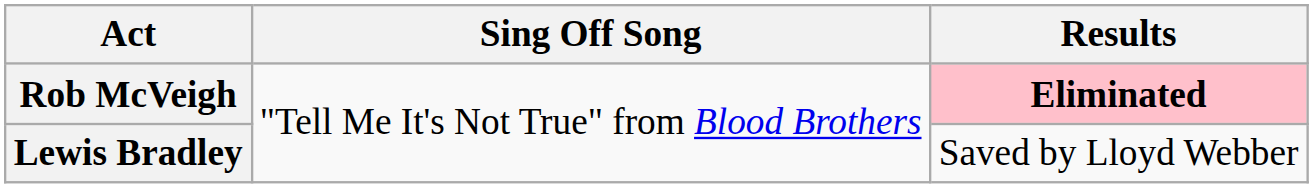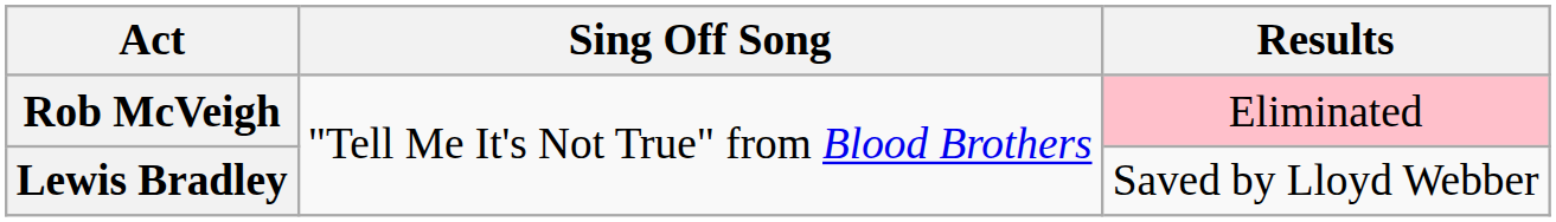 <table class="wikitable plainrowheaders" style="text-align:center;">
 <tr>
 <th scope="col">Act</th>
 <th scope="col">Sing Off Song</th>
 <th scope="col">Results</th>
 </tr>
 <tr>
 <th scope="row">Rob McVeigh</th>
 <td rowspan="2">"Tell Me It's Not True" from <em><a href='#'>Blood Brothers</a></em></td>
-<td style="background:pink;"><strong>Eliminated</strong></td>
+<td style="background:pink;">Eliminated</td>
 </tr>
 <tr>
 <th scope="row">Lewis Bradley</th>
 <td>Saved by Lloyd Webber</td>
 </tr>
 </table>
